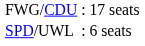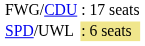 <table>
 <tr>
 <td>FWG/<a href='#'>CDU</a></td>
 <td>: 17 seats</td>
 </tr>
 <tr --->
 <td><a href='#'>SPD</a>/UWL</td>
-<td>: 6 seats</td>
+<td style="background: khaki;">: 6 seats</td>
 </tr>
 </table>
